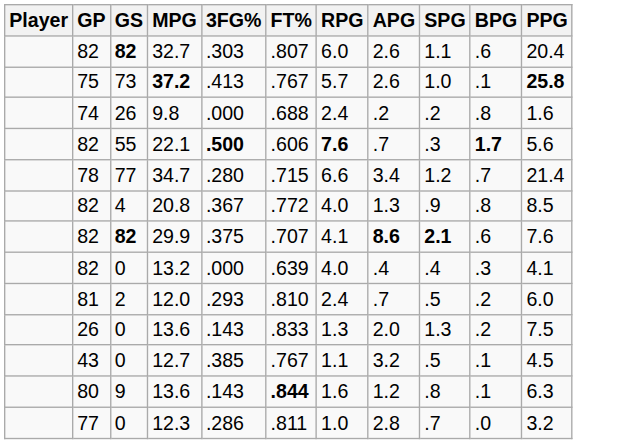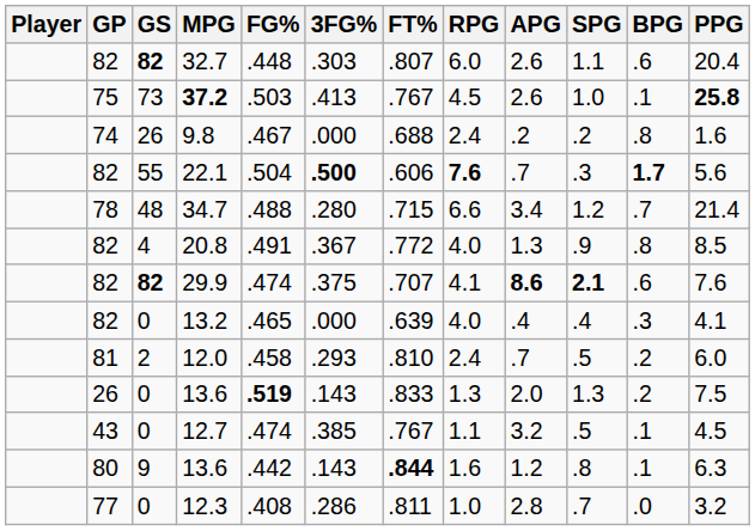 <table class="wikitable sortable" style="font-size: 90%">
 <tr>
 <th>Player</th>
 <th>GP</th>
 <th>GS</th>
 <th>MPG</th>
+<th>FG%</th>
 <th>3FG%</th>
 <th>FT%</th>
 <th>RPG</th>
 <th>APG</th>
 <th>SPG</th>
 <th>BPG</th>
 <th>PPG</th>
 </tr>
 <tr>
 <td></td>
 <td>82</td>
 <td><strong>82</strong></td>
 <td>32.7</td>
+<td>.448</td>
 <td>.303</td>
 <td>.807</td>
 <td>6.0</td>
 <td>2.6</td>
 <td>1.1</td>
 <td>.6</td>
 <td>20.4</td>
 </tr>
 <tr>
 <td></td>
 <td>75</td>
 <td>73</td>
 <td><strong>37.2</strong></td>
+<td>.503</td>
 <td>.413</td>
 <td>.767</td>
-<td>5.7</td>
+<td>4.5</td>
 <td>2.6</td>
 <td>1.0</td>
 <td>.1</td>
 <td><strong>25.8</strong></td>
 </tr>
 <tr>
 <td></td>
 <td>74</td>
 <td>26</td>
 <td>9.8</td>
+<td>.467</td>
 <td>.000</td>
 <td>.688</td>
 <td>2.4</td>
 <td>.2</td>
 <td>.2</td>
 <td>.8</td>
 <td>1.6</td>
 </tr>
 <tr>
 <td></td>
 <td>82</td>
 <td>55</td>
 <td>22.1</td>
+<td>.504</td>
 <td><strong>.500</strong></td>
 <td>.606</td>
 <td><strong>7.6</strong></td>
 <td>.7</td>
 <td>.3</td>
 <td><strong>1.7</strong></td>
 <td>5.6</td>
 </tr>
 <tr>
 <td></td>
 <td>78</td>
-<td>77</td>
+<td>48</td>
 <td>34.7</td>
+<td>.488</td>
 <td>.280</td>
 <td>.715</td>
 <td>6.6</td>
 <td>3.4</td>
 <td>1.2</td>
 <td>.7</td>
 <td>21.4</td>
 </tr>
 <tr>
 <td></td>
 <td>82</td>
 <td>4</td>
 <td>20.8</td>
+<td>.491</td>
 <td>.367</td>
 <td>.772</td>
 <td>4.0</td>
 <td>1.3</td>
 <td>.9</td>
 <td>.8</td>
 <td>8.5</td>
 </tr>
 <tr>
 <td></td>
 <td>82</td>
 <td><strong>82</strong></td>
 <td>29.9</td>
+<td>.474</td>
 <td>.375</td>
 <td>.707</td>
 <td>4.1</td>
 <td><strong>8.6</strong></td>
 <td><strong>2.1</strong></td>
 <td>.6</td>
 <td>7.6</td>
 </tr>
 <tr>
 <td></td>
 <td>82</td>
 <td>0</td>
 <td>13.2</td>
+<td>.465</td>
 <td>.000</td>
 <td>.639</td>
 <td>4.0</td>
 <td>.4</td>
 <td>.4</td>
 <td>.3</td>
 <td>4.1</td>
 </tr>
 <tr>
 <td></td>
 <td>81</td>
 <td>2</td>
 <td>12.0</td>
+<td>.458</td>
 <td>.293</td>
 <td>.810</td>
 <td>2.4</td>
 <td>.7</td>
 <td>.5</td>
 <td>.2</td>
 <td>6.0</td>
 </tr>
 <tr>
 <td></td>
 <td>26</td>
 <td>0</td>
 <td>13.6</td>
+<td><strong>.519</strong></td>
 <td>.143</td>
 <td>.833</td>
 <td>1.3</td>
 <td>2.0</td>
 <td>1.3</td>
 <td>.2</td>
 <td>7.5</td>
 </tr>
 <tr>
 <td></td>
 <td>43</td>
 <td>0</td>
 <td>12.7</td>
+<td>.474</td>
 <td>.385</td>
 <td>.767</td>
 <td>1.1</td>
 <td>3.2</td>
 <td>.5</td>
 <td>.1</td>
 <td>4.5</td>
 </tr>
 <tr>
 <td></td>
 <td>80</td>
 <td>9</td>
 <td>13.6</td>
+<td>.442</td>
 <td>.143</td>
 <td><strong>.844</strong></td>
 <td>1.6</td>
 <td>1.2</td>
 <td>.8</td>
 <td>.1</td>
 <td>6.3</td>
 </tr>
 <tr>
 <td></td>
 <td>77</td>
 <td>0</td>
 <td>12.3</td>
+<td>.408</td>
 <td>.286</td>
 <td>.811</td>
 <td>1.0</td>
 <td>2.8</td>
 <td>.7</td>
 <td>.0</td>
 <td>3.2</td>
 </tr>
 </table>
